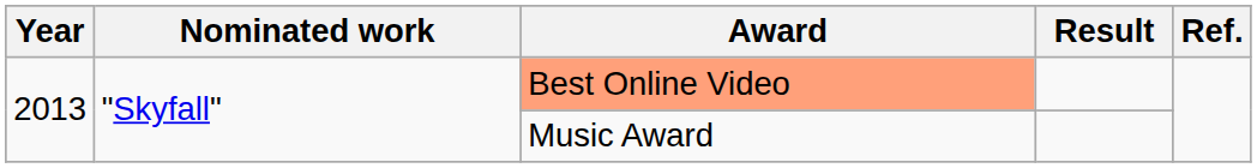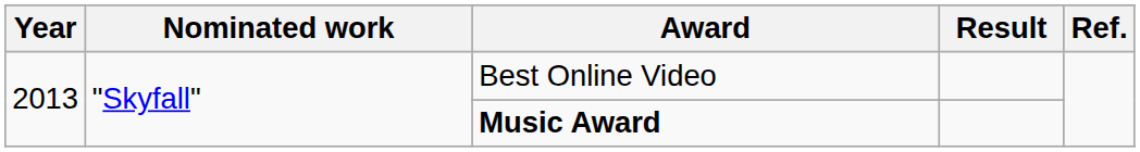 <table class="wikitable">
 <tr>
 <th>Year</th>
 <th width="250">Nominated work</th>
 <th width="325">Award</th>
 <th width="65">Result</th>
 <th>Ref.</th>
 </tr>
 <tr>
 <td rowspan="2">2013</td>
 <td rowspan="2">"<a href='#'>Skyfall</a>"</td>
-<td style="background: lightsalmon;">Best Online Video</td>
+<td>Best Online Video</td>
 <td></td>
 <td rowspan="2"></td>
 </tr>
 <tr>
-<td>Music Award</td>
+<td><strong>Music Award</strong></td>
 <td></td>
 </tr>
 </table>
